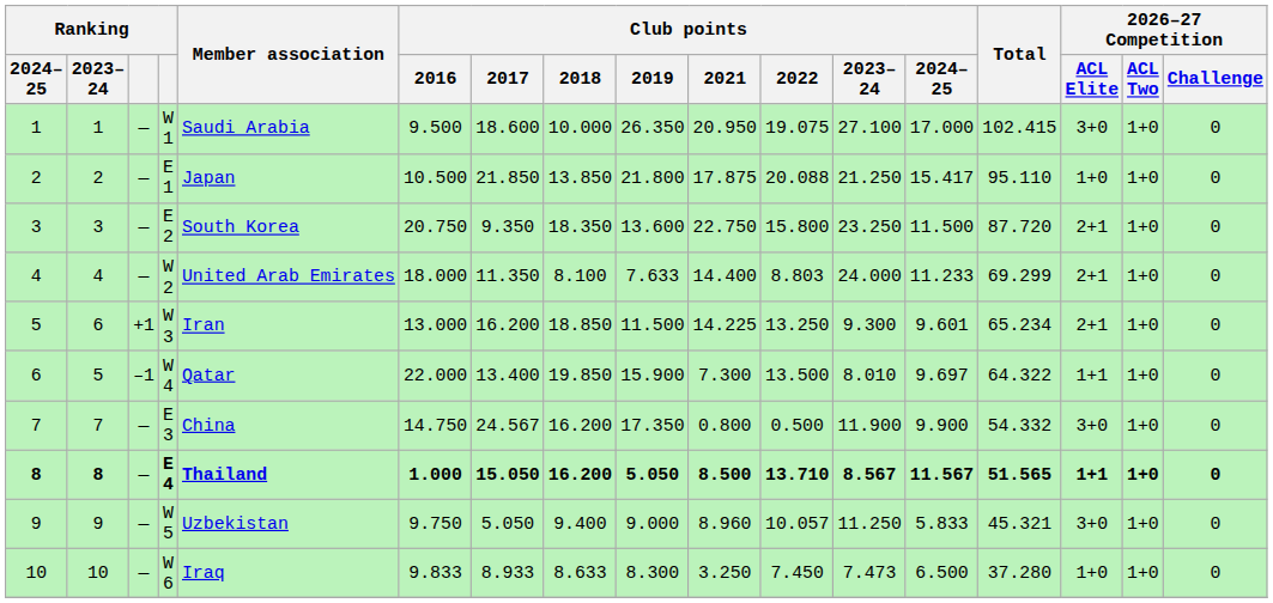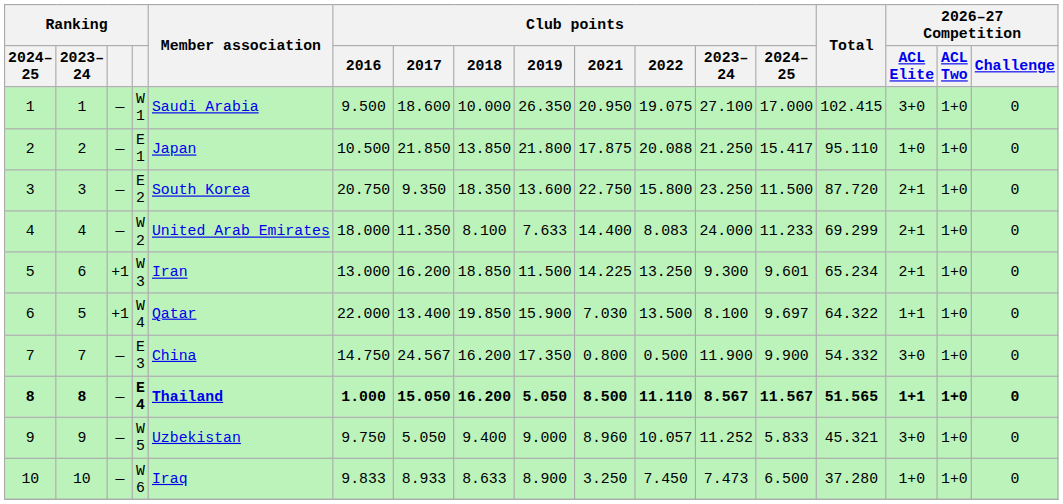 <table class = "wikitable sortable" style="text-align: center;">
 <tr>
 <th colspan="4">Ranking</th>
 <th rowspan="2">Member association<br></th>
 <th colspan="8">Club points</th>
 <th rowspan="2">Total</th>
 <th colspan="3">2026–27 Competition</th>
 </tr>
 <tr>
 <th>2024–25</th>
 <th>2023–24</th>
 <th data-sort-type="number"></th>
 <th></th>
 <th>2016<br></th>
 <th>2017<br></th>
 <th>2018<br></th>
 <th>2019<br></th>
 <th>2021<br></th>
 <th>2022<br></th>
 <th>2023–24<br></th>
 <th>2024–25<br></th>
 <th><a href='#'>ACL Elite</a></th>
 <th><a href='#'>ACL Two</a></th>
 <th><a href='#'>Challenge</a></th>
 </tr>
 <tr bgcolor=#BBF3BB>
 <td>1</td>
 <td>1</td>
 <td> —</td>
 <td>W 1</td>
 <td align=left> <a href='#'>Saudi Arabia</a> </td>
 <td>9.500</td>
 <td>18.600</td>
 <td>10.000</td>
 <td>26.350</td>
 <td>20.950</td>
 <td>19.075</td>
 <td>27.100</td>
 <td>17.000</td>
 <td>102.415</td>
 <td>3+0</td>
 <td>1+0</td>
 <td>0</td>
 </tr>
 <tr bgcolor=#BBF3BB>
 <td>2</td>
 <td>2</td>
 <td> —</td>
 <td>E 1</td>
 <td align=left> <a href='#'>Japan</a> </td>
 <td>10.500</td>
 <td>21.850</td>
 <td>13.850</td>
 <td>21.800</td>
 <td>17.875</td>
 <td>20.088</td>
 <td>21.250</td>
 <td>15.417</td>
 <td>95.110</td>
 <td>1+0</td>
 <td>1+0</td>
 <td>0</td>
 </tr>
 <tr bgcolor=#BBF3BB>
 <td>3</td>
 <td>3</td>
 <td> —</td>
 <td>E 2</td>
 <td align=left> <a href='#'>South Korea</a> </td>
 <td>20.750</td>
 <td>9.350</td>
 <td>18.350</td>
 <td>13.600</td>
 <td>22.750</td>
 <td>15.800</td>
 <td>23.250</td>
 <td>11.500</td>
 <td>87.720</td>
 <td>2+1</td>
 <td>1+0</td>
 <td>0</td>
 </tr>
 <tr bgcolor=#BBF3BB>
 <td>4</td>
 <td>4</td>
 <td> —</td>
 <td>W 2</td>
 <td align=left> <a href='#'>United Arab Emirates</a> </td>
 <td>18.000</td>
 <td>11.350</td>
 <td>8.100</td>
 <td>7.633</td>
 <td>14.400</td>
-<td>8.803</td>
+<td>8.083</td>
 <td>24.000</td>
 <td>11.233</td>
 <td>69.299</td>
 <td>2+1</td>
 <td>1+0</td>
 <td>0</td>
 </tr>
 <tr bgcolor=#BBF3BB>
 <td>5</td>
 <td>6</td>
 <td> +1</td>
 <td>W 3</td>
 <td align="left"> <a href='#'>Iran</a> </td>
 <td>13.000</td>
 <td>16.200</td>
 <td>18.850</td>
 <td>11.500</td>
 <td>14.225</td>
 <td>13.250</td>
 <td>9.300</td>
 <td>9.601</td>
 <td>65.234</td>
 <td>2+1</td>
 <td>1+0</td>
 <td>0</td>
 </tr>
 <tr bgcolor=#BBF3BB>
 <td>6</td>
 <td>5</td>
-<td> –1</td>
+<td> +1</td>
 <td>W 4</td>
 <td align="left"> <a href='#'>Qatar</a> </td>
 <td>22.000</td>
 <td>13.400</td>
 <td>19.850</td>
 <td>15.900</td>
-<td>7.300</td>
+<td>7.030</td>
 <td>13.500</td>
-<td>8.010</td>
+<td>8.100</td>
 <td>9.697</td>
 <td>64.322</td>
 <td>1+1</td>
 <td>1+0</td>
 <td>0</td>
 </tr>
 <tr bgcolor=#BBF3BB>
 <td>7</td>
 <td>7</td>
 <td> —</td>
 <td>E 3</td>
 <td align=left> <a href='#'>China</a> </td>
 <td>14.750</td>
 <td>24.567</td>
 <td>16.200</td>
 <td>17.350</td>
 <td>0.800</td>
 <td>0.500</td>
 <td>11.900</td>
 <td>9.900</td>
 <td>54.332</td>
 <td>3+0</td>
 <td>1+0</td>
 <td>0</td>
 </tr>
 <tr bgcolor=#BBF3BB>
 <td><strong>8</strong></td>
 <td><strong>8</strong></td>
 <td> —</td>
 <td><strong>E 4</strong></td>
 <td align=left> <strong><a href='#'>Thailand</a></strong> </td>
 <td><strong>1.000</strong></td>
 <td><strong>15.050</strong></td>
 <td><strong>16.200</strong></td>
 <td><strong>5.050</strong></td>
 <td><strong>8.500</strong></td>
-<td><strong>13.710</strong></td>
+<td><strong>11.110</strong></td>
 <td><strong>8.567</strong></td>
 <td><strong>11.567</strong></td>
 <td><strong>51.565</strong></td>
 <td><strong>1+1</strong></td>
 <td><strong>1+0</strong></td>
 <td><strong>0</strong></td>
 </tr>
 <tr bgcolor=#BBF3BB>
 <td>9</td>
 <td>9</td>
 <td> —</td>
 <td>W 5</td>
 <td align=left> <a href='#'>Uzbekistan</a> </td>
 <td>9.750</td>
 <td>5.050</td>
 <td>9.400</td>
 <td>9.000</td>
 <td>8.960</td>
 <td>10.057</td>
-<td>11.250</td>
+<td>11.252</td>
 <td>5.833</td>
 <td>45.321</td>
 <td>3+0</td>
 <td>1+0</td>
 <td>0</td>
 </tr>
 <tr bgcolor=#BBF3BB>
 <td>10</td>
 <td>10</td>
 <td> —</td>
 <td>W 6</td>
 <td align=left> <a href='#'>Iraq</a> </td>
 <td>9.833</td>
 <td>8.933</td>
 <td>8.633</td>
-<td>8.300</td>
+<td>8.900</td>
 <td>3.250</td>
 <td>7.450</td>
 <td>7.473</td>
 <td>6.500</td>
 <td>37.280</td>
 <td>1+0</td>
 <td>1+0</td>
 <td>0</td>
 </tr>
 <tr bgcolor="#BBF3FF">
 </tr>
 </table>
